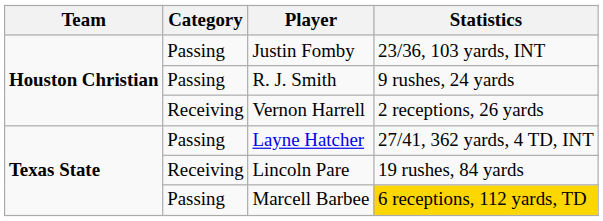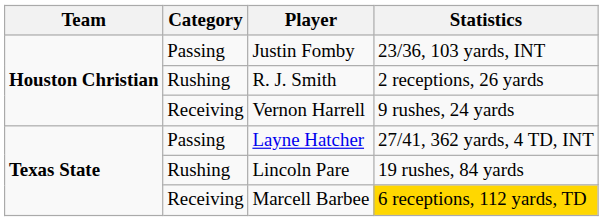 <table class="wikitable" style="float: left;">
 <tr>
 <th>Team</th>
 <th>Category</th>
 <th>Player</th>
 <th>Statistics</th>
 </tr>
 <tr>
 <td rowspan=3><strong>Houston Christian</strong></td>
 <td>Passing</td>
 <td>Justin Fomby</td>
 <td>23/36, 103 yards, INT</td>
 </tr>
 <tr>
-<td>Passing</td>
+<td>Rushing</td>
 <td>R. J. Smith</td>
-<td>9 rushes, 24 yards</td>
+<td>2 receptions, 26 yards</td>
 </tr>
 <tr>
 <td>Receiving</td>
 <td>Vernon Harrell</td>
-<td>2 receptions, 26 yards</td>
+<td>9 rushes, 24 yards</td>
 </tr>
 <tr>
 <td rowspan=3><strong>Texas State</strong></td>
 <td>Passing</td>
 <td><a href='#'>Layne Hatcher</a></td>
 <td>27/41, 362 yards, 4 TD, INT</td>
 </tr>
 <tr>
-<td>Receiving</td>
+<td>Rushing</td>
 <td>Lincoln Pare</td>
 <td>19 rushes, 84 yards</td>
 </tr>
 <tr>
-<td>Passing</td>
+<td>Receiving</td>
 <td>Marcell Barbee</td>
 <td style="background: gold;">6 receptions, 112 yards, TD</td>
 </tr>
 </table>
